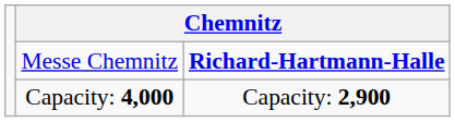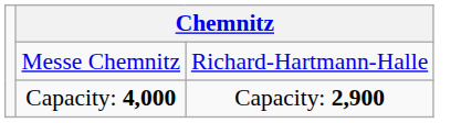 <table class="wikitable" style="text-align:center">
 <tr>
 <td rowspan=8></td>
 <th colspan=2><a href='#'>Chemnitz</a></th>
 </tr>
 <tr>
 <td><a href='#'>Messe Chemnitz</a></td>
-<td><strong><a href='#'>Richard-Hartmann-Halle</a></strong></td>
+<td><a href='#'>Richard-Hartmann-Halle</a></td>
 </tr>
 <tr>
 <td>Capacity: <strong>4,000</strong></td>
 <td>Capacity: <strong>2,900</strong></td>
 </tr>
 </table>
